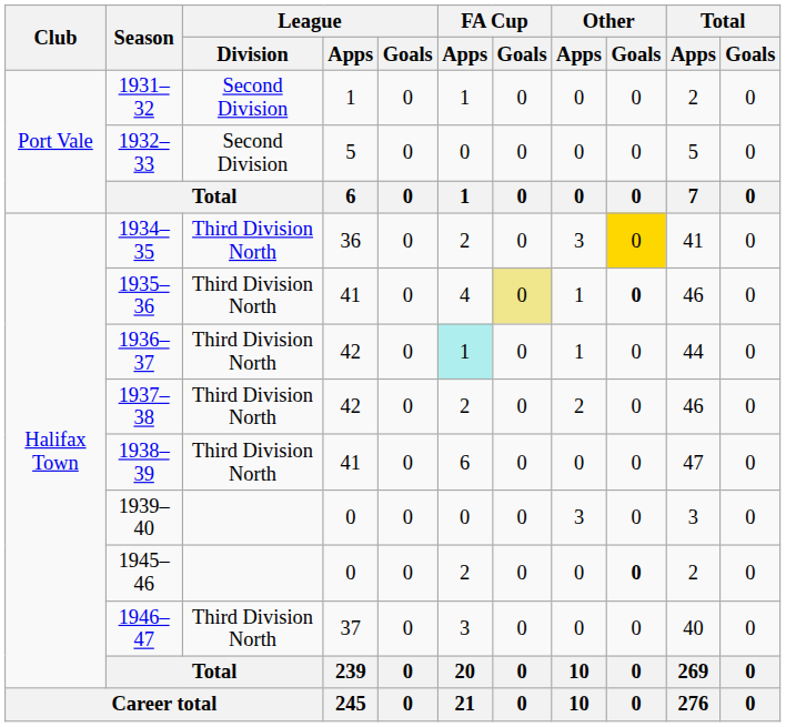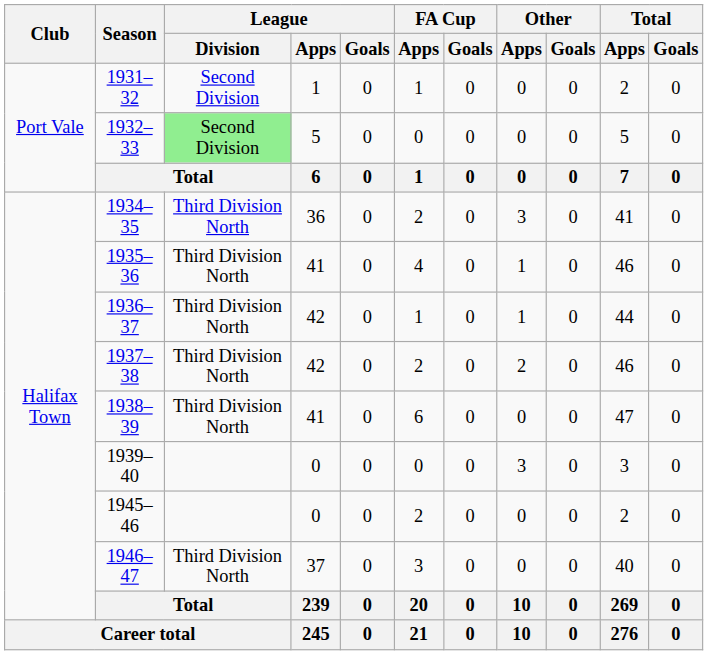 <table class="wikitable" style="text-align: center;">
 <tr>
 <th rowspan="2">Club</th>
 <th rowspan="2">Season</th>
 <th colspan="3">League</th>
 <th colspan="2">FA Cup</th>
 <th colspan="2">Other</th>
 <th colspan="2">Total</th>
 </tr>
 <tr>
 <th>Division</th>
 <th>Apps</th>
 <th>Goals</th>
 <th>Apps</th>
 <th>Goals</th>
 <th>Apps</th>
 <th>Goals</th>
 <th>Apps</th>
 <th>Goals</th>
 </tr>
 <tr>
 <td rowspan="3"><a href='#'>Port Vale</a></td>
 <td><a href='#'>1931–32</a></td>
 <td><a href='#'>Second Division</a></td>
 <td>1</td>
 <td>0</td>
 <td>1</td>
 <td>0</td>
 <td>0</td>
 <td>0</td>
 <td>2</td>
 <td>0</td>
 </tr>
 <tr>
 <td><a href='#'>1932–33</a></td>
-<td>Second Division</td>
+<td style="background: lightgreen;">Second Division</td>
 <td>5</td>
 <td>0</td>
 <td>0</td>
 <td>0</td>
 <td>0</td>
 <td>0</td>
 <td>5</td>
 <td>0</td>
 </tr>
 <tr>
 <th colspan="2">Total</th>
 <th>6</th>
 <th>0</th>
 <th>1</th>
 <th>0</th>
 <th>0</th>
 <th>0</th>
 <th>7</th>
 <th>0</th>
 </tr>
 <tr>
 <td rowspan="9"><a href='#'>Halifax Town</a></td>
 <td><a href='#'>1934–35</a></td>
 <td><a href='#'>Third Division North</a></td>
 <td>36</td>
 <td>0</td>
 <td>2</td>
 <td>0</td>
 <td>3</td>
-<td style="background: gold;">0</td>
+<td>0</td>
 <td>41</td>
 <td>0</td>
 </tr>
 <tr>
 <td><a href='#'>1935–36</a></td>
 <td>Third Division North</td>
 <td>41</td>
 <td>0</td>
 <td>4</td>
-<td style="background: khaki;">0</td>
+<td>0</td>
 <td>1</td>
-<td><strong>0</strong></td>
+<td>0</td>
 <td>46</td>
 <td>0</td>
 </tr>
 <tr>
 <td><a href='#'>1936–37</a></td>
 <td>Third Division North</td>
 <td>42</td>
 <td>0</td>
-<td style="background: paleturquoise;">1</td>
+<td>1</td>
 <td>0</td>
 <td>1</td>
 <td>0</td>
 <td>44</td>
 <td>0</td>
 </tr>
 <tr>
 <td><a href='#'>1937–38</a></td>
 <td>Third Division North</td>
 <td>42</td>
 <td>0</td>
 <td>2</td>
 <td>0</td>
 <td>2</td>
 <td>0</td>
 <td>46</td>
 <td>0</td>
 </tr>
 <tr>
 <td><a href='#'>1938–39</a></td>
 <td>Third Division North</td>
 <td>41</td>
 <td>0</td>
 <td>6</td>
 <td>0</td>
 <td>0</td>
 <td>0</td>
 <td>47</td>
 <td>0</td>
 </tr>
 <tr>
 <td>1939–40</td>
 <td></td>
 <td>0</td>
 <td>0</td>
 <td>0</td>
 <td>0</td>
 <td>3</td>
 <td>0</td>
 <td>3</td>
 <td>0</td>
 </tr>
 <tr>
 <td>1945–46</td>
 <td></td>
 <td>0</td>
 <td>0</td>
 <td>2</td>
 <td>0</td>
 <td>0</td>
-<td><strong>0</strong></td>
+<td>0</td>
 <td>2</td>
 <td>0</td>
 </tr>
 <tr>
 <td><a href='#'>1946–47</a></td>
 <td>Third Division North</td>
 <td>37</td>
 <td>0</td>
 <td>3</td>
 <td>0</td>
 <td>0</td>
 <td>0</td>
 <td>40</td>
 <td>0</td>
 </tr>
 <tr>
 <th colspan="2">Total</th>
 <th>239</th>
 <th>0</th>
 <th>20</th>
 <th>0</th>
 <th>10</th>
 <th>0</th>
 <th>269</th>
 <th>0</th>
 </tr>
 <tr>
 <th colspan="3">Career total</th>
 <th>245</th>
 <th>0</th>
 <th>21</th>
 <th>0</th>
 <th>10</th>
 <th>0</th>
 <th>276</th>
 <th>0</th>
 </tr>
 </table>
